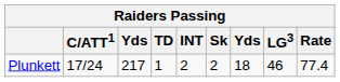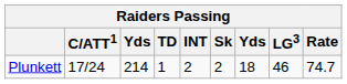 <table class="wikitable">
 <tr>
 <th colspan="9">Raiders Passing</th>
 </tr>
 <tr>
 <th></th>
 <th>C/ATT<sup>1</sup></th>
 <th>Yds</th>
 <th>TD</th>
 <th>INT</th>
 <th>Sk</th>
 <th>Yds</th>
 <th>LG<sup>3</sup></th>
 <th>Rate</th>
 </tr>
 <tr>
 <td><a href='#'>Plunkett</a></td>
 <td>17/24</td>
-<td>217</td>
+<td>214</td>
 <td>1</td>
 <td>2</td>
 <td>2</td>
 <td>18</td>
 <td>46</td>
-<td>77.4</td>
+<td>74.7</td>
 </tr>
 </table>
